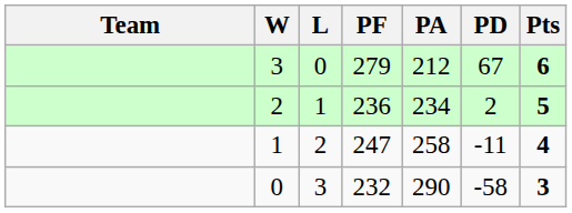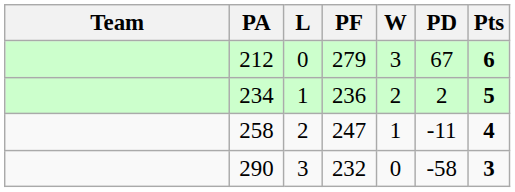 <table class="wikitable" style="text-align:center;">
 <tr>
 <th width=150>Team</th>
-<th width=20>W</th>
+<th width=30>PA</th>
 <th width=20>L</th>
 <th width=30>PF</th>
-<th width=30>PA</th>
+<th width=20>W</th>
 <th width=30>PD</th>
 <th width=20>Pts</th>
 </tr>
 <tr bgcolor="#ccffcc">
 <td align="left"></td>
-<td>3</td>
+<td>212</td>
 <td>0</td>
 <td>279</td>
-<td>212</td>
+<td>3</td>
 <td>67</td>
 <td><strong>6</strong></td>
 </tr>
 <tr bgcolor="#ccffcc">
 <td align="left"></td>
-<td>2</td>
+<td>234</td>
 <td>1</td>
 <td>236</td>
-<td>234</td>
+<td>2</td>
 <td>2</td>
 <td><strong>5</strong></td>
 </tr>
 <tr>
 <td align="left"></td>
-<td>1</td>
+<td>258</td>
 <td>2</td>
 <td>247</td>
-<td>258</td>
+<td>1</td>
 <td>-11</td>
 <td><strong>4</strong></td>
 </tr>
 <tr>
 <td align="left"></td>
-<td>0</td>
+<td>290</td>
 <td>3</td>
 <td>232</td>
-<td>290</td>
+<td>0</td>
 <td>-58</td>
 <td><strong>3</strong></td>
 </tr>
 </table>
